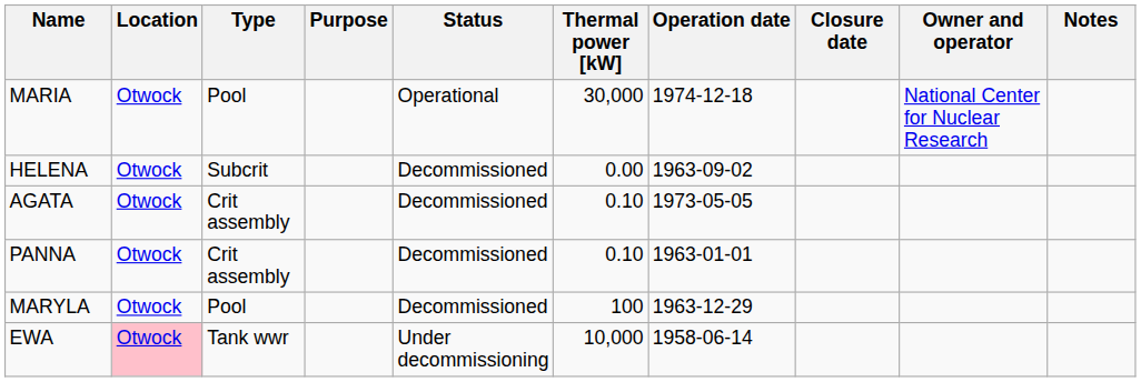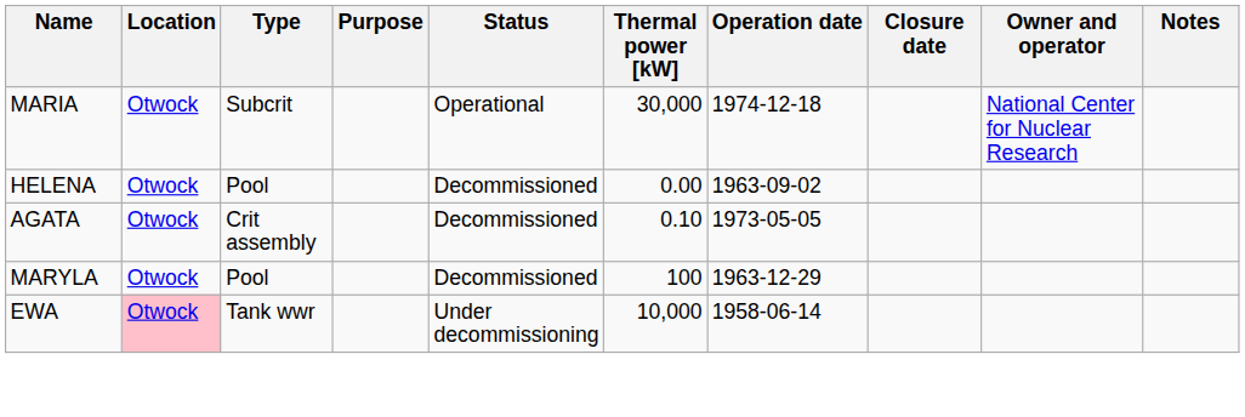 <table class="wikitable" >
 <tr valign="top">
 <th width="80">Name</th>
 <th width="65">Location</th>
 <th width="76">Type</th>
 <th width="65">Purpose</th>
 <th width="91">Status</th>
 <th width="70“">Thermal power [kW]</th>
 <th width=„67“>Operation date</th>
 <th width="78“">Closure date</th>
 <th width="113“">Owner and operator</th>
 <th width="65">Notes</th>
 </tr>
 <tr valign="top">
 <td>MARIA</td>
 <td><a href='#'>Otwock</a></td>
-<td>Pool</td>
+<td>Subcrit</td>
 <td></td>
 <td>Operational</td>
 <td align="right">30,000</td>
 <td>1974-12-18</td>
 <td></td>
 <td><a href='#'>National Center for Nuclear Research</a></td>
 <td></td>
 </tr>
 <tr valign="top">
 <td>HELENA</td>
 <td><a href='#'>Otwock</a></td>
-<td>Subcrit</td>
+<td>Pool</td>
 <td></td>
 <td>Decommissioned</td>
 <td align="right">0.00</td>
 <td>1963-09-02</td>
 <td></td>
 <td></td>
 <td></td>
 </tr>
 <tr valign="top">
 <td>AGATA</td>
 <td><a href='#'>Otwock</a></td>
 <td>Crit assembly</td>
 <td></td>
 <td>Decommissioned</td>
 <td align="right">0.10</td>
 <td>1973-05-05</td>
-<td></td>
-<td></td>
-<td></td>
-</tr>
-<tr valign="top">
-<td>PANNA</td>
-<td><a href='#'>Otwock</a></td>
-<td>Crit assembly</td>
-<td></td>
-<td>Decommissioned</td>
-<td align="right">0.10</td>
-<td>1963-01-01</td>
 <td></td>
 <td></td>
 <td></td>
 </tr>
 <tr valign="top">
 <td>MARYLA</td>
 <td><a href='#'>Otwock</a></td>
 <td>Pool</td>
 <td></td>
 <td>Decommissioned</td>
 <td align="right">100</td>
 <td>1963-12-29</td>
 <td></td>
 <td></td>
 <td></td>
 </tr>
 <tr valign="top">
 <td>EWA</td>
 <td style="background: pink;"><a href='#'>Otwock</a></td>
 <td>Tank wwr</td>
 <td></td>
 <td>Under decommissioning</td>
 <td align="right">10,000</td>
 <td>1958-06-14</td>
 <td></td>
 <td></td>
 <td></td>
 </tr>
 </table>
